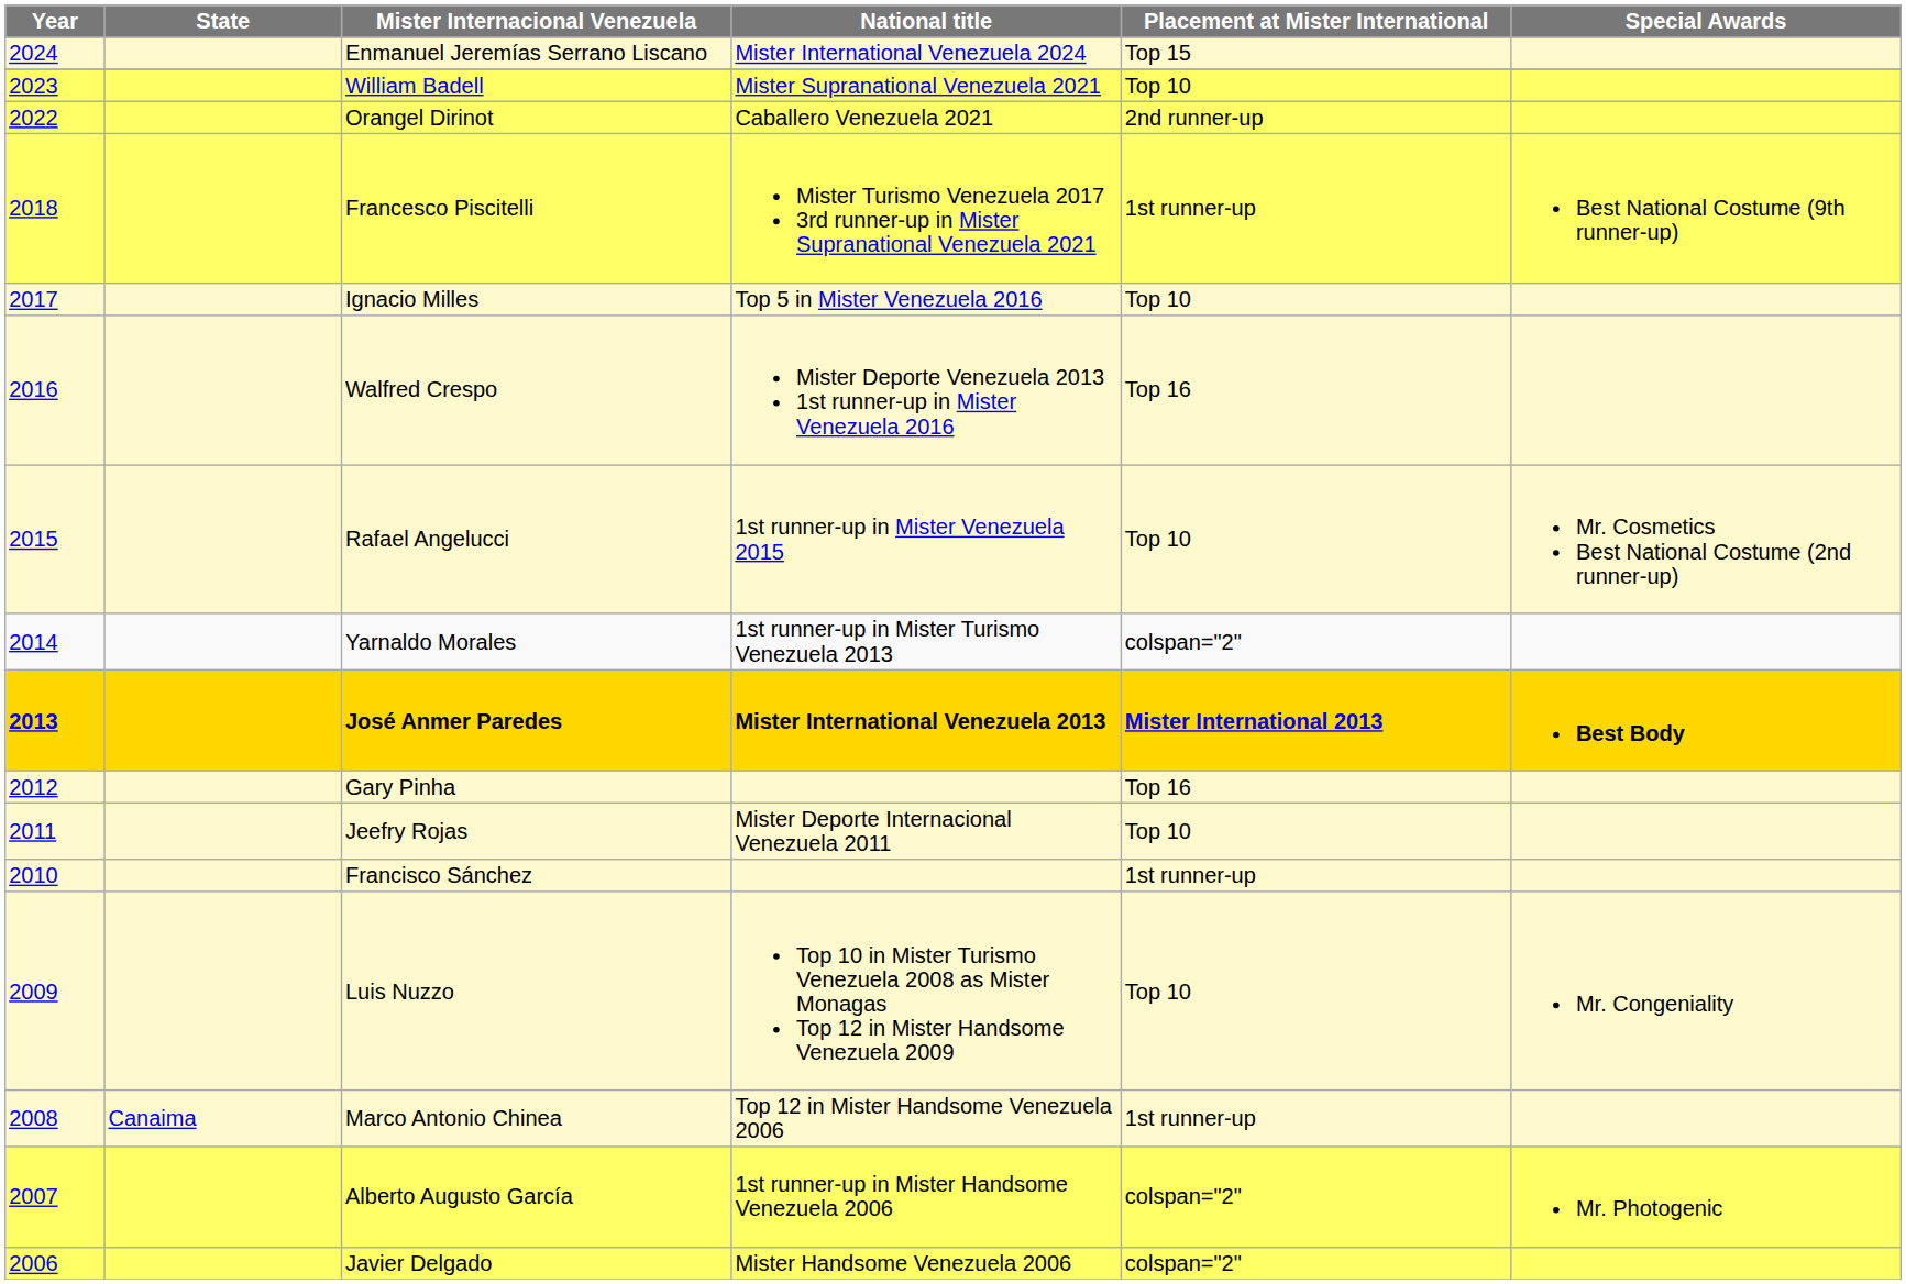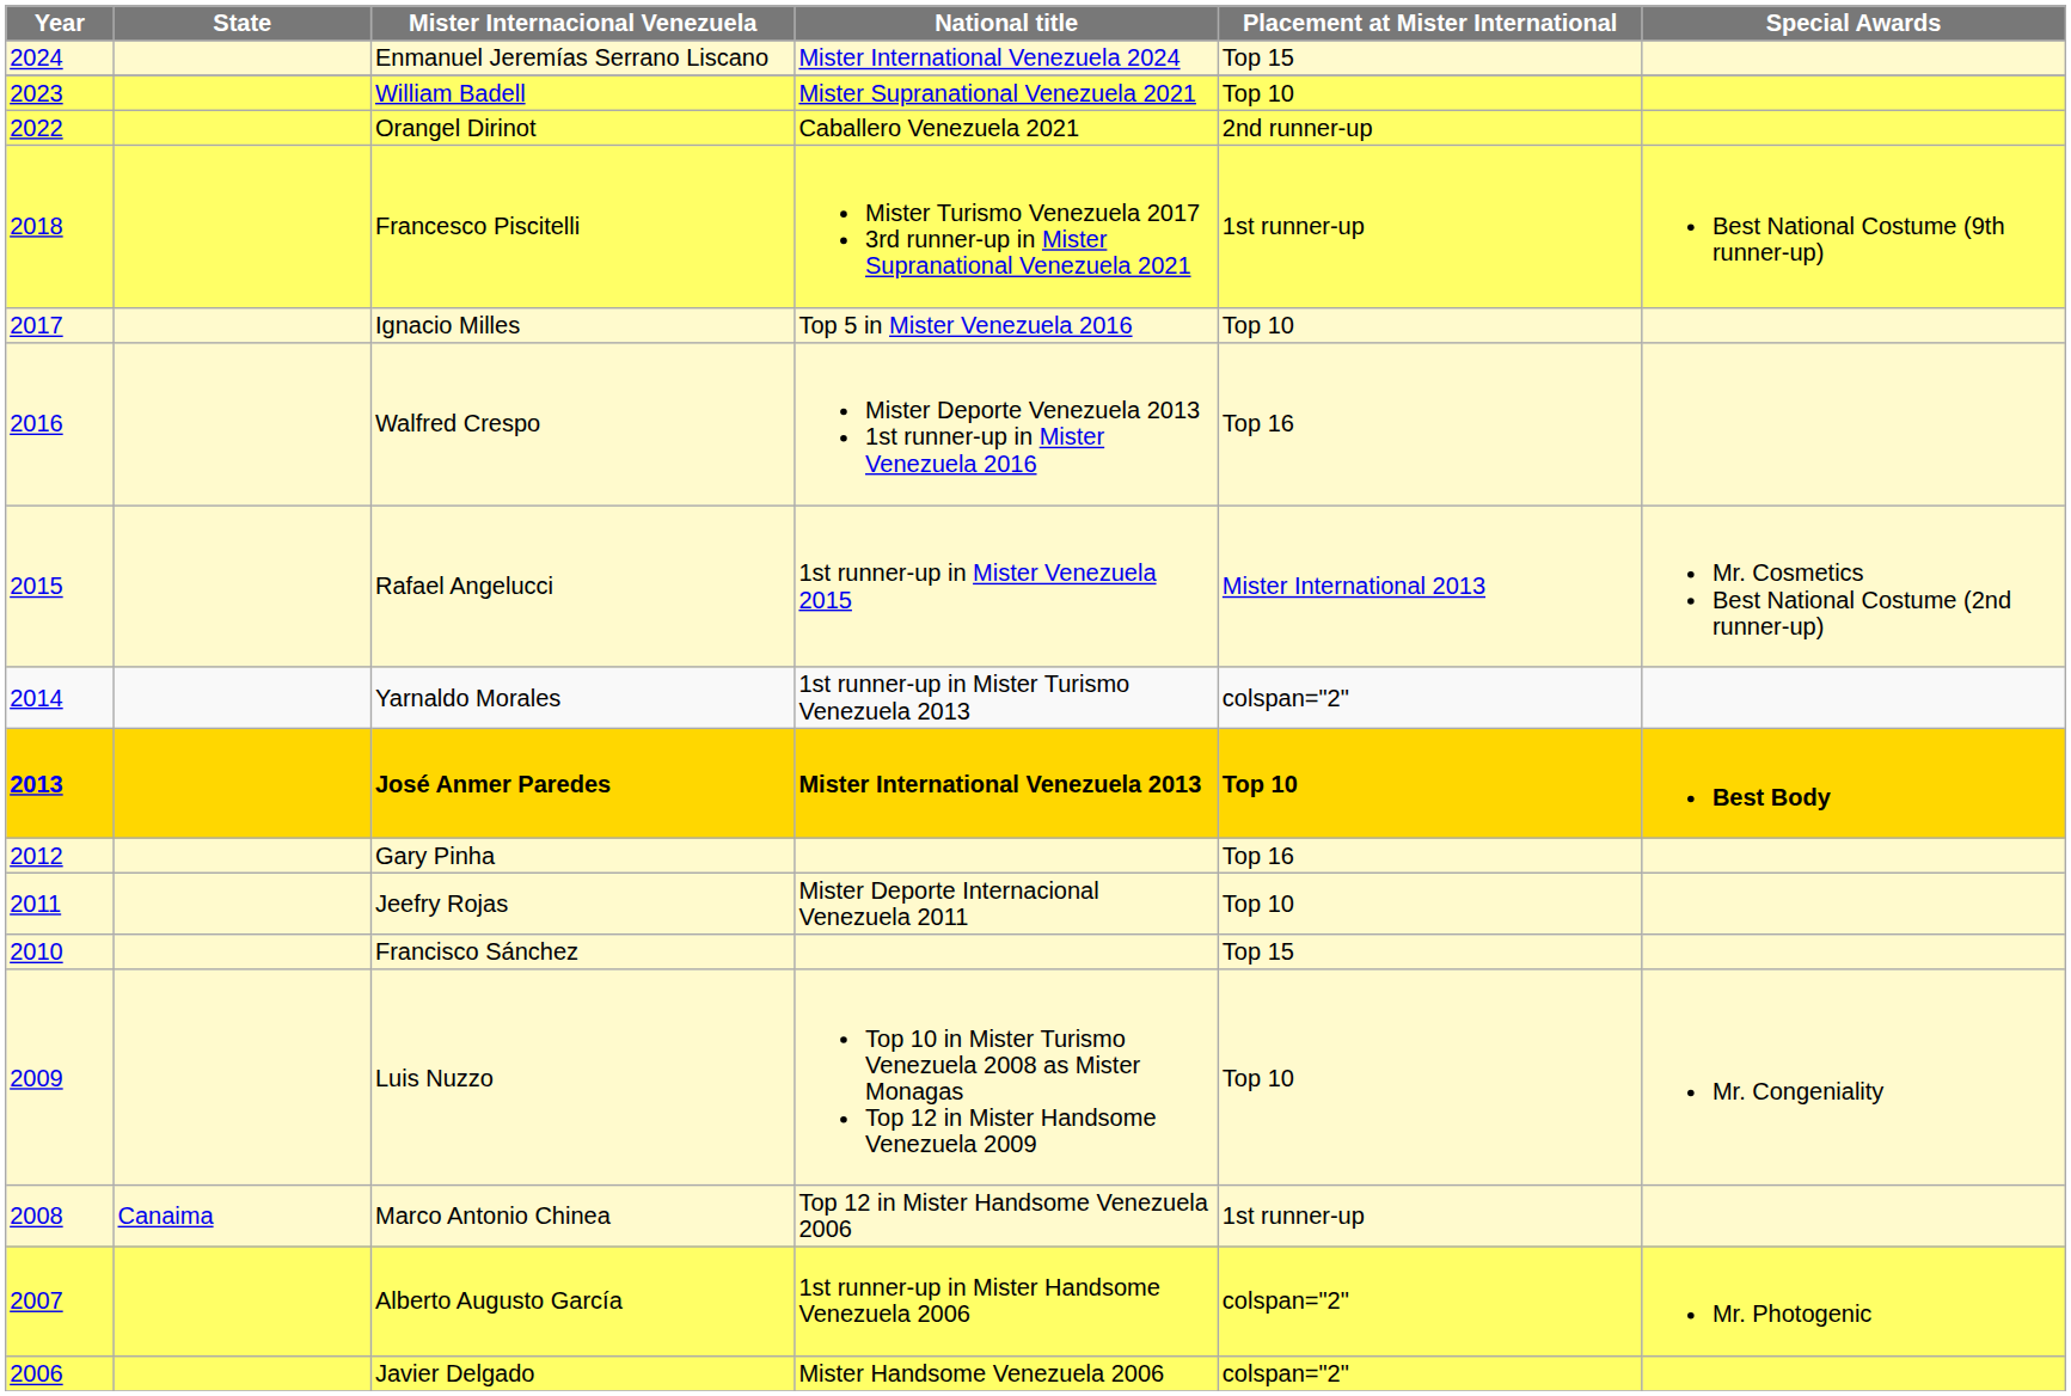 <table class="sortable" border="5" cellpadding="2" cellspacing="0" align=" 0 1em 0 0" style="background: #f9f9f9; border: 1px #aaa solid; border-collapse: collapse; font-size: 90%">
 <tr>
 <th width="60" style="background-color:#787878;color:#FFFFFF;">Year</th>
 <th width="150" style="background-color:#787878;color:#FFFFFF;">State</th>
 <th width="250" style="background-color:#787878;color:#FFFFFF;">Mister Internacional Venezuela</th>
 <th width="250" style="background-color:#787878;color:#FFFFFF;">National title</th>
 <th width="250" style="background-color:#787878;color:#FFFFFF;">Placement at Mister International</th>
 <th width="250" style="background-color:#787878;color:#FFFFFF;">Special Awards</th>
 </tr>
 <tr bgcolor="#FFFACD">
 <td><a href='#'>2024</a></td>
 <td></td>
 <td>Enmanuel Jeremías Serrano Liscano</td>
 <td><a href='#'>Mister International Venezuela 2024</a></td>
 <td>Top 15</td>
 <td></td>
 </tr>
 <tr>
 </tr>
 <tr bgcolor="#FFFF66">
 <td><a href='#'>2023</a></td>
 <td></td>
 <td><a href='#'>William Badell</a></td>
 <td><a href='#'>Mister Supranational Venezuela 2021</a></td>
 <td>Top 10</td>
 <td></td>
 </tr>
 <tr bgcolor="#FFFF66">
 <td><a href='#'>2022</a></td>
 <td></td>
 <td>Orangel Dirinot</td>
 <td>Caballero Venezuela 2021</td>
 <td>2nd runner-up</td>
 <td></td>
 </tr>
 <tr bgcolor="#FFFF66">
 <td><a href='#'>2018</a></td>
 <td></td>
 <td>Francesco Piscitelli</td>
 <td><br><ul><li>Mister Turismo Venezuela 2017</li><li>3rd runner-up in <a href='#'>Mister Supranational Venezuela 2021</a></li></ul></td>
 <td>1st runner-up</td>
 <td><br><ul><li>Best National Costume (9th runner-up)</li></ul></td>
 </tr>
 <tr bgcolor="#FFFACD">
 <td><a href='#'>2017</a></td>
 <td></td>
 <td>Ignacio Milles</td>
 <td>Top 5 in <a href='#'>Mister Venezuela 2016</a></td>
 <td>Top 10</td>
 <td></td>
 </tr>
 <tr bgcolor="#FFFACD">
 <td><a href='#'>2016</a></td>
 <td></td>
 <td>Walfred Crespo</td>
 <td><br><ul><li>Mister Deporte Venezuela 2013</li><li>1st runner-up in <a href='#'>Mister Venezuela 2016</a></li></ul></td>
 <td>Top 16</td>
 <td></td>
 </tr>
 <tr bgcolor="#FFFACD">
 <td><a href='#'>2015</a></td>
 <td></td>
 <td>Rafael Angelucci</td>
 <td>1st runner-up in <a href='#'>Mister Venezuela 2015</a></td>
-<td>Top 10</td>
+<td><a href='#'>Mister International 2013</a></td>
 <td><br><ul><li>Mr. Cosmetics</li><li>Best National Costume (2nd runner-up)</li></ul></td>
 </tr>
 <tr>
 <td><a href='#'>2014</a></td>
 <td></td>
 <td>Yarnaldo Morales</td>
 <td>1st runner-up in Mister Turismo Venezuela 2013</td>
 <td>colspan="2" </td>
 </tr>
 <tr style="background-color:gold; font-weight: bold ">
 <td><a href='#'>2013</a></td>
 <td></td>
 <td>José Anmer Paredes</td>
 <td>Mister International Venezuela 2013</td>
-<td><a href='#'>Mister International 2013</a></td>
+<td>Top 10</td>
 <td><br><ul><li>Best Body</li></ul></td>
 </tr>
 <tr bgcolor="#FFFACD">
 <td><a href='#'>2012</a></td>
 <td></td>
 <td>Gary Pinha</td>
 <td></td>
 <td>Top 16</td>
 <td></td>
 </tr>
 <tr bgcolor="#FFFACD">
 <td><a href='#'>2011</a></td>
 <td></td>
 <td>Jeefry Rojas</td>
 <td>Mister Deporte Internacional Venezuela 2011</td>
 <td>Top 10</td>
 <td></td>
 </tr>
 <tr bgcolor="#FFFACD">
 <td><a href='#'>2010</a></td>
 <td></td>
 <td>Francisco Sánchez</td>
 <td></td>
-<td>1st runner-up</td>
+<td>Top 15</td>
 <td></td>
 </tr>
 <tr bgcolor="#FFFACD">
 <td><a href='#'>2009</a></td>
 <td></td>
 <td>Luis Nuzzo</td>
 <td><br><ul><li>Top 10 in Mister Turismo Venezuela 2008 as Mister Monagas</li><li>Top 12 in Mister Handsome Venezuela 2009</li></ul></td>
 <td>Top 10</td>
 <td><br><ul><li>Mr. Congeniality</li></ul></td>
 </tr>
 <tr bgcolor="#FFFACD">
 <td><a href='#'>2008</a></td>
 <td> <a href='#'>Canaima</a></td>
 <td>Marco Antonio Chinea</td>
 <td>Top 12 in Mister Handsome Venezuela 2006</td>
 <td>1st runner-up</td>
 <td></td>
 </tr>
 <tr bgcolor="#FFFF66">
 <td><a href='#'>2007</a></td>
 <td></td>
 <td>Alberto Augusto García</td>
 <td>1st runner-up in Mister Handsome Venezuela 2006</td>
 <td>colspan="2" </td>
 <td><br><ul><li>Mr. Photogenic</li></ul></td>
 </tr>
 <tr bgcolor="#FFFF66">
 <td><a href='#'>2006</a></td>
 <td></td>
 <td>Javier Delgado</td>
 <td>Mister Handsome Venezuela 2006</td>
 <td>colspan="2" </td>
 <td></td>
 </tr>
 </table>
